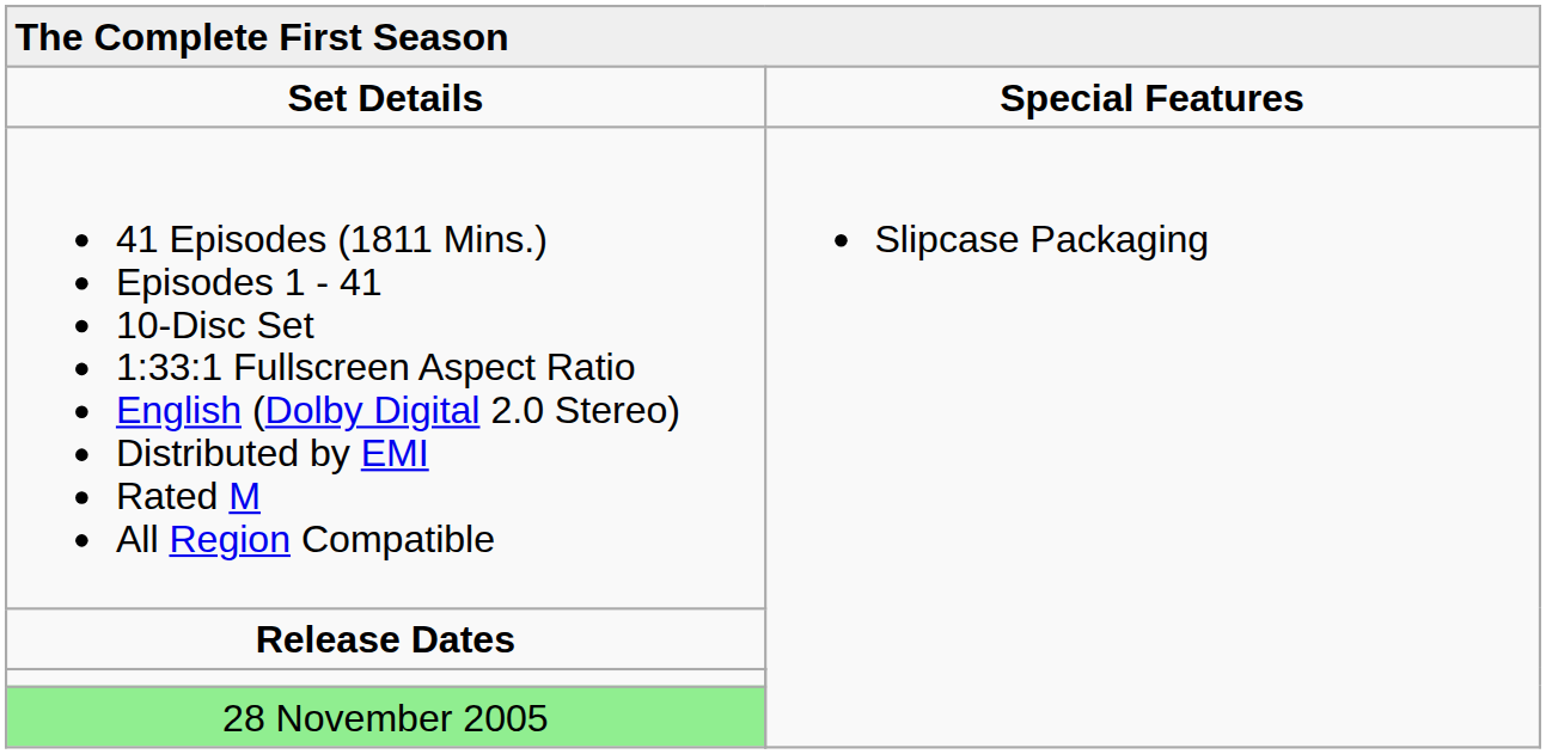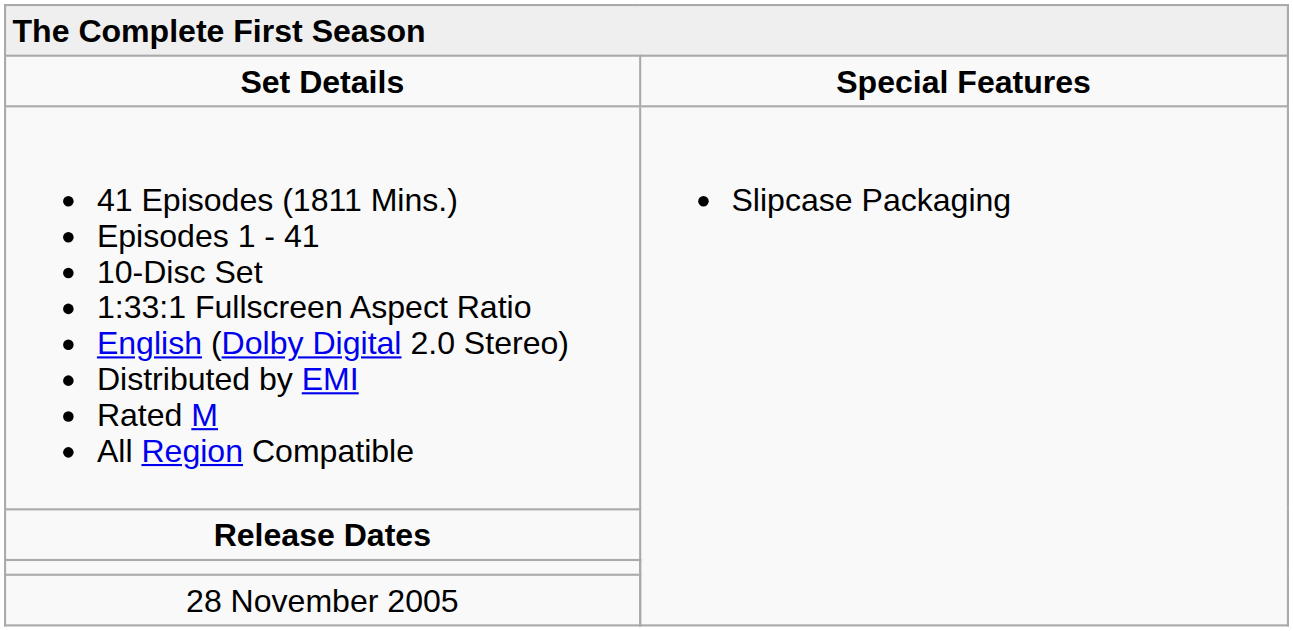 <table class="wikitable" style="font-size: 95%;">
 <tr style="background:#EFEFEF">
 <td colspan="5"><strong>The Complete First Season</strong></td>
 </tr>
 <tr>
 <td align="center" width="350" colspan="3"><strong>Set Details</strong></td>
 <td width="250" align="center"><strong>Special Features</strong></td>
 </tr>
 <tr valign="top">
 <td colspan="3" align="left" width="400"><br><ul><li>41 Episodes (1811 Mins.)</li><li>Episodes 1 - 41</li><li>10-Disc Set</li><li>1:33:1 Fullscreen Aspect Ratio</li><li><a href='#'>English</a> (<a href='#'>Dolby Digital</a> 2.0 Stereo)</li><li>Distributed by <a href='#'>EMI</a></li><li>Rated <a href='#'>M</a></li><li>All <a href='#'>Region</a> Compatible</li></ul></td>
 <td rowspan="4" align="left" width="300"><br><ul><li>Slipcase Packaging</li></ul></td>
 </tr>
 <tr>
 <td colspan="3" align="center"><strong>Release Dates</strong></td>
 </tr>
 <tr>
 <td align="center"></td>
 </tr>
 <tr>
-<td align="center" style="background: lightgreen;">28 November 2005</td>
+<td align="center">28 November 2005</td>
 </tr>
 </table>
